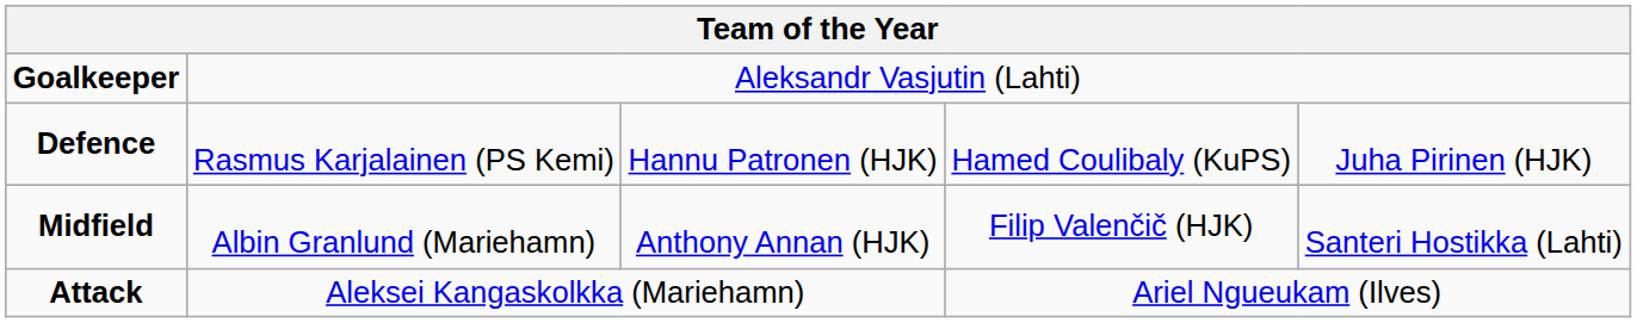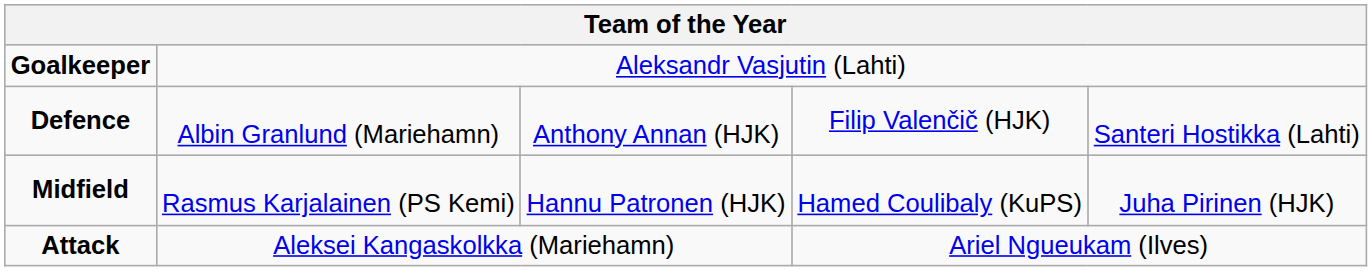 <table class="wikitable" style="text-align:center">
 <tr>
 <th colspan="13">Team of the Year</th>
 </tr>
 <tr>
 <td><strong>Goalkeeper</strong></td>
 <td colspan="4"> <a href='#'>Aleksandr Vasjutin</a> (Lahti)</td>
 </tr>
 <tr>
 <td><strong>Defence</strong></td>
+<td lowspan="1"><br><a href='#'>Albin Granlund</a> (Mariehamn)</td>
+<td lowspan="1"><br> <a href='#'>Anthony Annan</a> (HJK)</td>
+<td lowspan="1"> <a href='#'>Filip Valenčič</a> (HJK)</td>
+<td lowspan="1"><br><a href='#'>Santeri Hostikka</a> (Lahti)</td>
+</tr>
+<tr>
+<td><strong>Midfield</strong></td>
 <td><br><a href='#'>Rasmus Karjalainen</a> (PS Kemi)</td>
 <td lowspan="1"><br><a href='#'>Hannu Patronen</a> (HJK)</td>
 <td><br><a href='#'>Hamed Coulibaly</a> (KuPS)</td>
 <td><br><a href='#'>Juha Pirinen</a> (HJK)</td>
-</tr>
-<tr>
-<td><strong>Midfield</strong></td>
-<td lowspan="1"><br><a href='#'>Albin Granlund</a> (Mariehamn)</td>
-<td lowspan="1"><br> <a href='#'>Anthony Annan</a> (HJK)</td>
-<td lowspan="1"> <a href='#'>Filip Valenčič</a> (HJK)</td>
-<td lowspan="1"><br><a href='#'>Santeri Hostikka</a> (Lahti)</td>
 </tr>
 <tr>
 <td><strong>Attack</strong></td>
 <td colspan="2.5"> <a href='#'>Aleksei Kangaskolkka</a> (Mariehamn)</td>
 <td colspan="2.5"> <a href='#'>Ariel Ngueukam</a> (Ilves)</td>
 </tr>
 </table>
